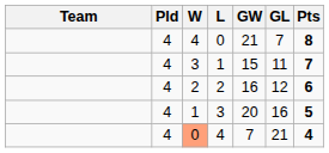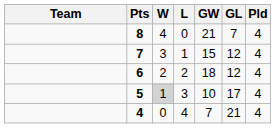 <table class="wikitable" style="text-align:center">
 <tr>
 <th width=150>Team</th>
-<th width=20>Pld</th>
+<th width=20>Pts</th>
 <th width=20>W</th>
 <th width=20>L</th>
 <th width=20>GW</th>
 <th width=20>GL</th>
-<th width=20>Pts</th>
+<th width=20>Pld</th>
 </tr>
 <tr>
 <td style="text-align:left;"></td>
-<td>4</td>
+<td><strong>8</strong></td>
 <td>4</td>
 <td>0</td>
 <td>21</td>
 <td>7</td>
-<td><strong>8</strong></td>
+<td>4</td>
 </tr>
 <tr>
 <td style="text-align:left;"></td>
-<td>4</td>
+<td><strong>7</strong></td>
 <td>3</td>
 <td>1</td>
 <td>15</td>
-<td>11</td>
-<td><strong>7</strong></td>
+<td>12</td>
+<td>4</td>
 </tr>
 <tr>
 <td style="text-align:left;"></td>
-<td>4</td>
+<td><strong>6</strong></td>
 <td>2</td>
 <td>2</td>
-<td>16</td>
+<td>18</td>
 <td>12</td>
-<td><strong>6</strong></td>
+<td>4</td>
 </tr>
 <tr>
 <td style="text-align:left;"></td>
+<td><strong>5</strong></td>
+<td style="background: lightgrey;">1</td>
+<td>3</td>
+<td>10</td>
+<td>17</td>
 <td>4</td>
-<td>1</td>
-<td>3</td>
-<td>20</td>
-<td>16</td>
-<td><strong>5</strong></td>
 </tr>
 <tr>
 <td style="text-align:left;"></td>
-<td>4</td>
-<td style="background: lightsalmon;">0</td>
+<td><strong>4</strong></td>
+<td>0</td>
 <td>4</td>
 <td>7</td>
 <td>21</td>
-<td><strong>4</strong></td>
+<td>4</td>
 </tr>
 </table>
